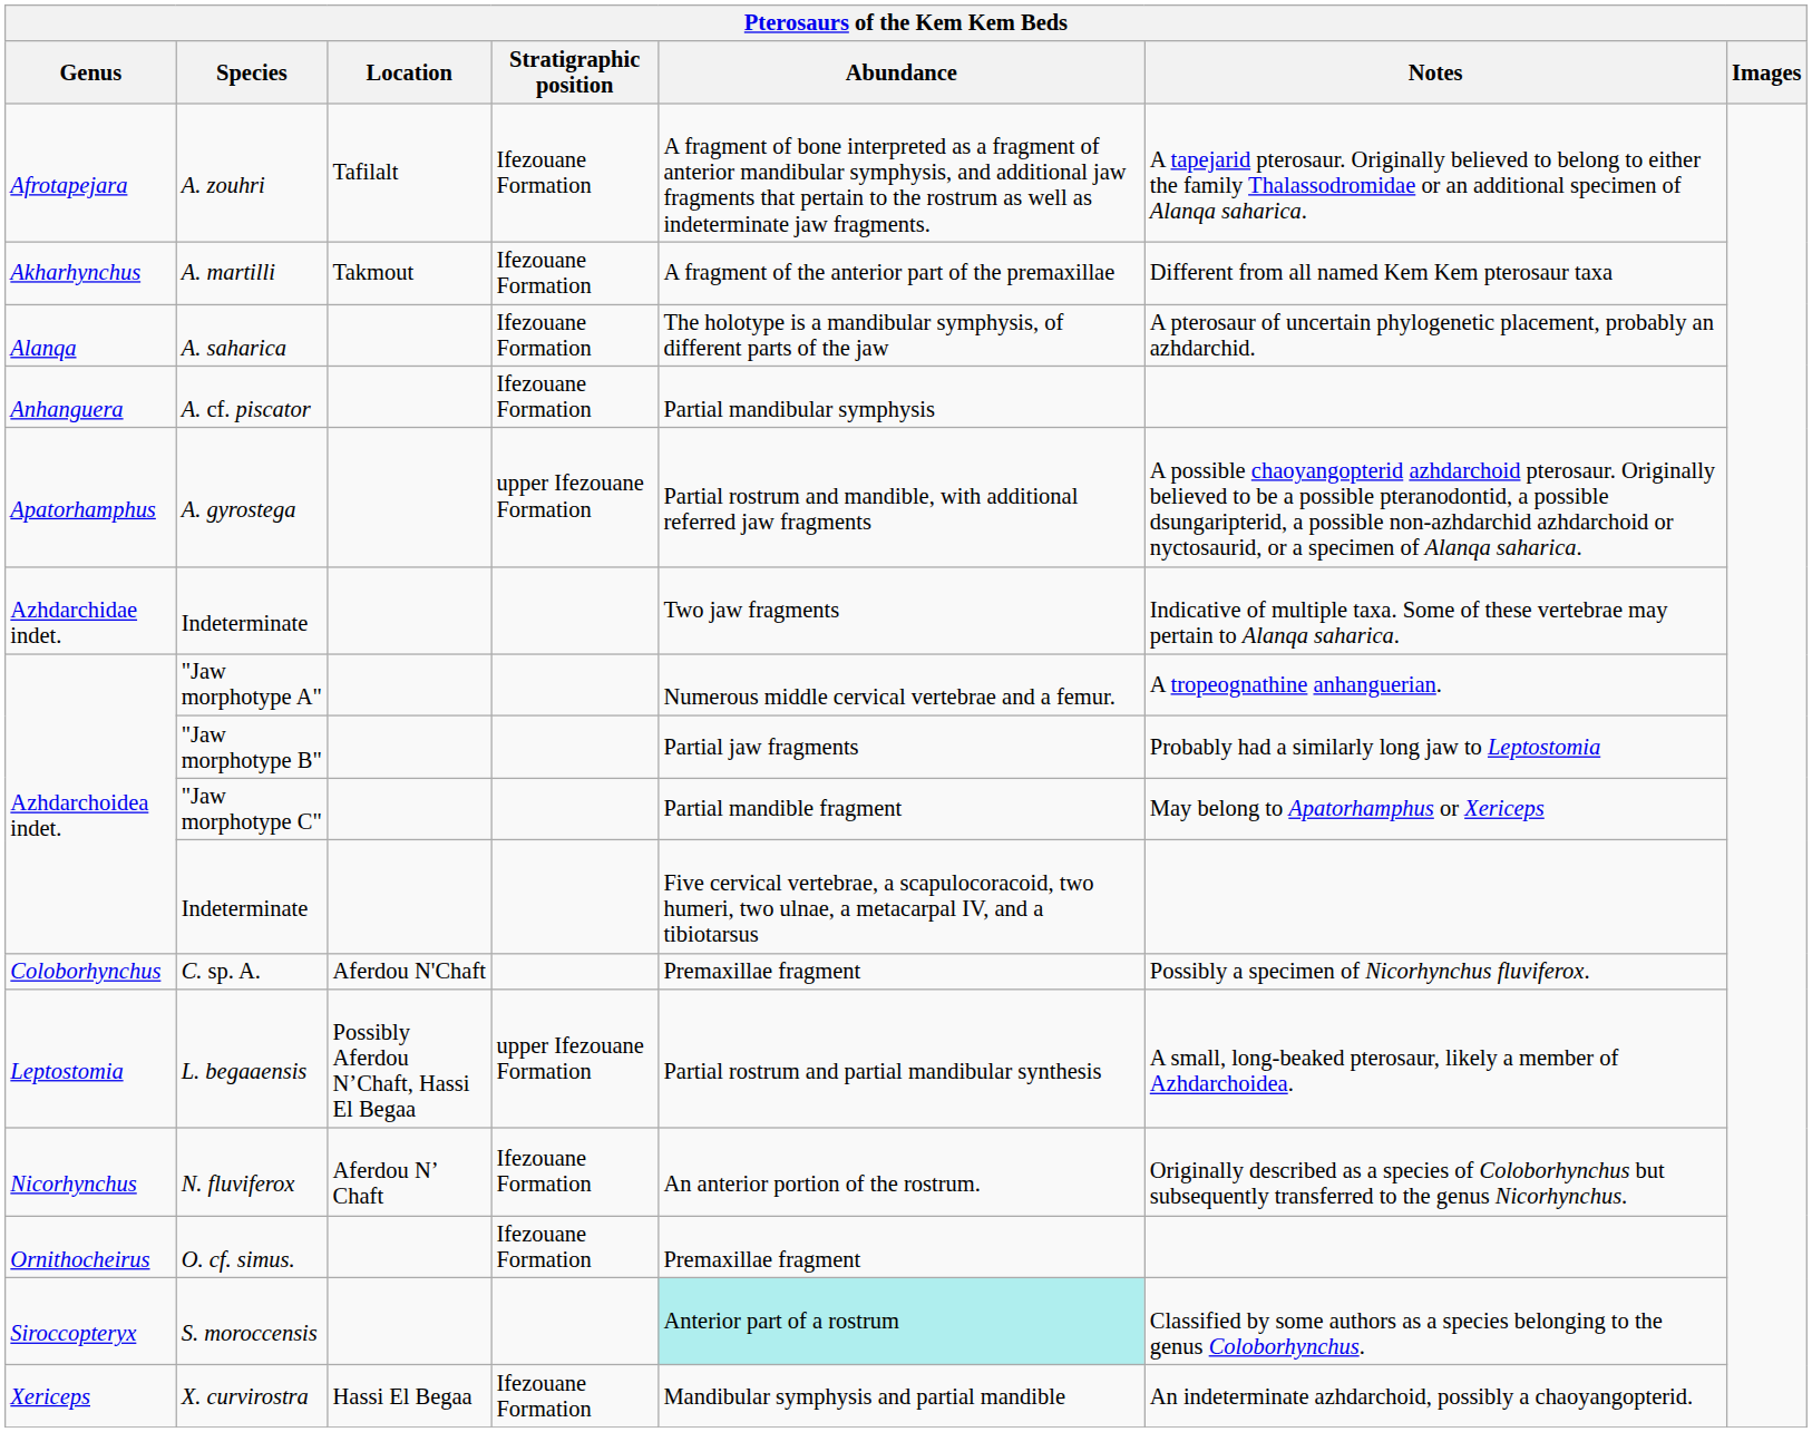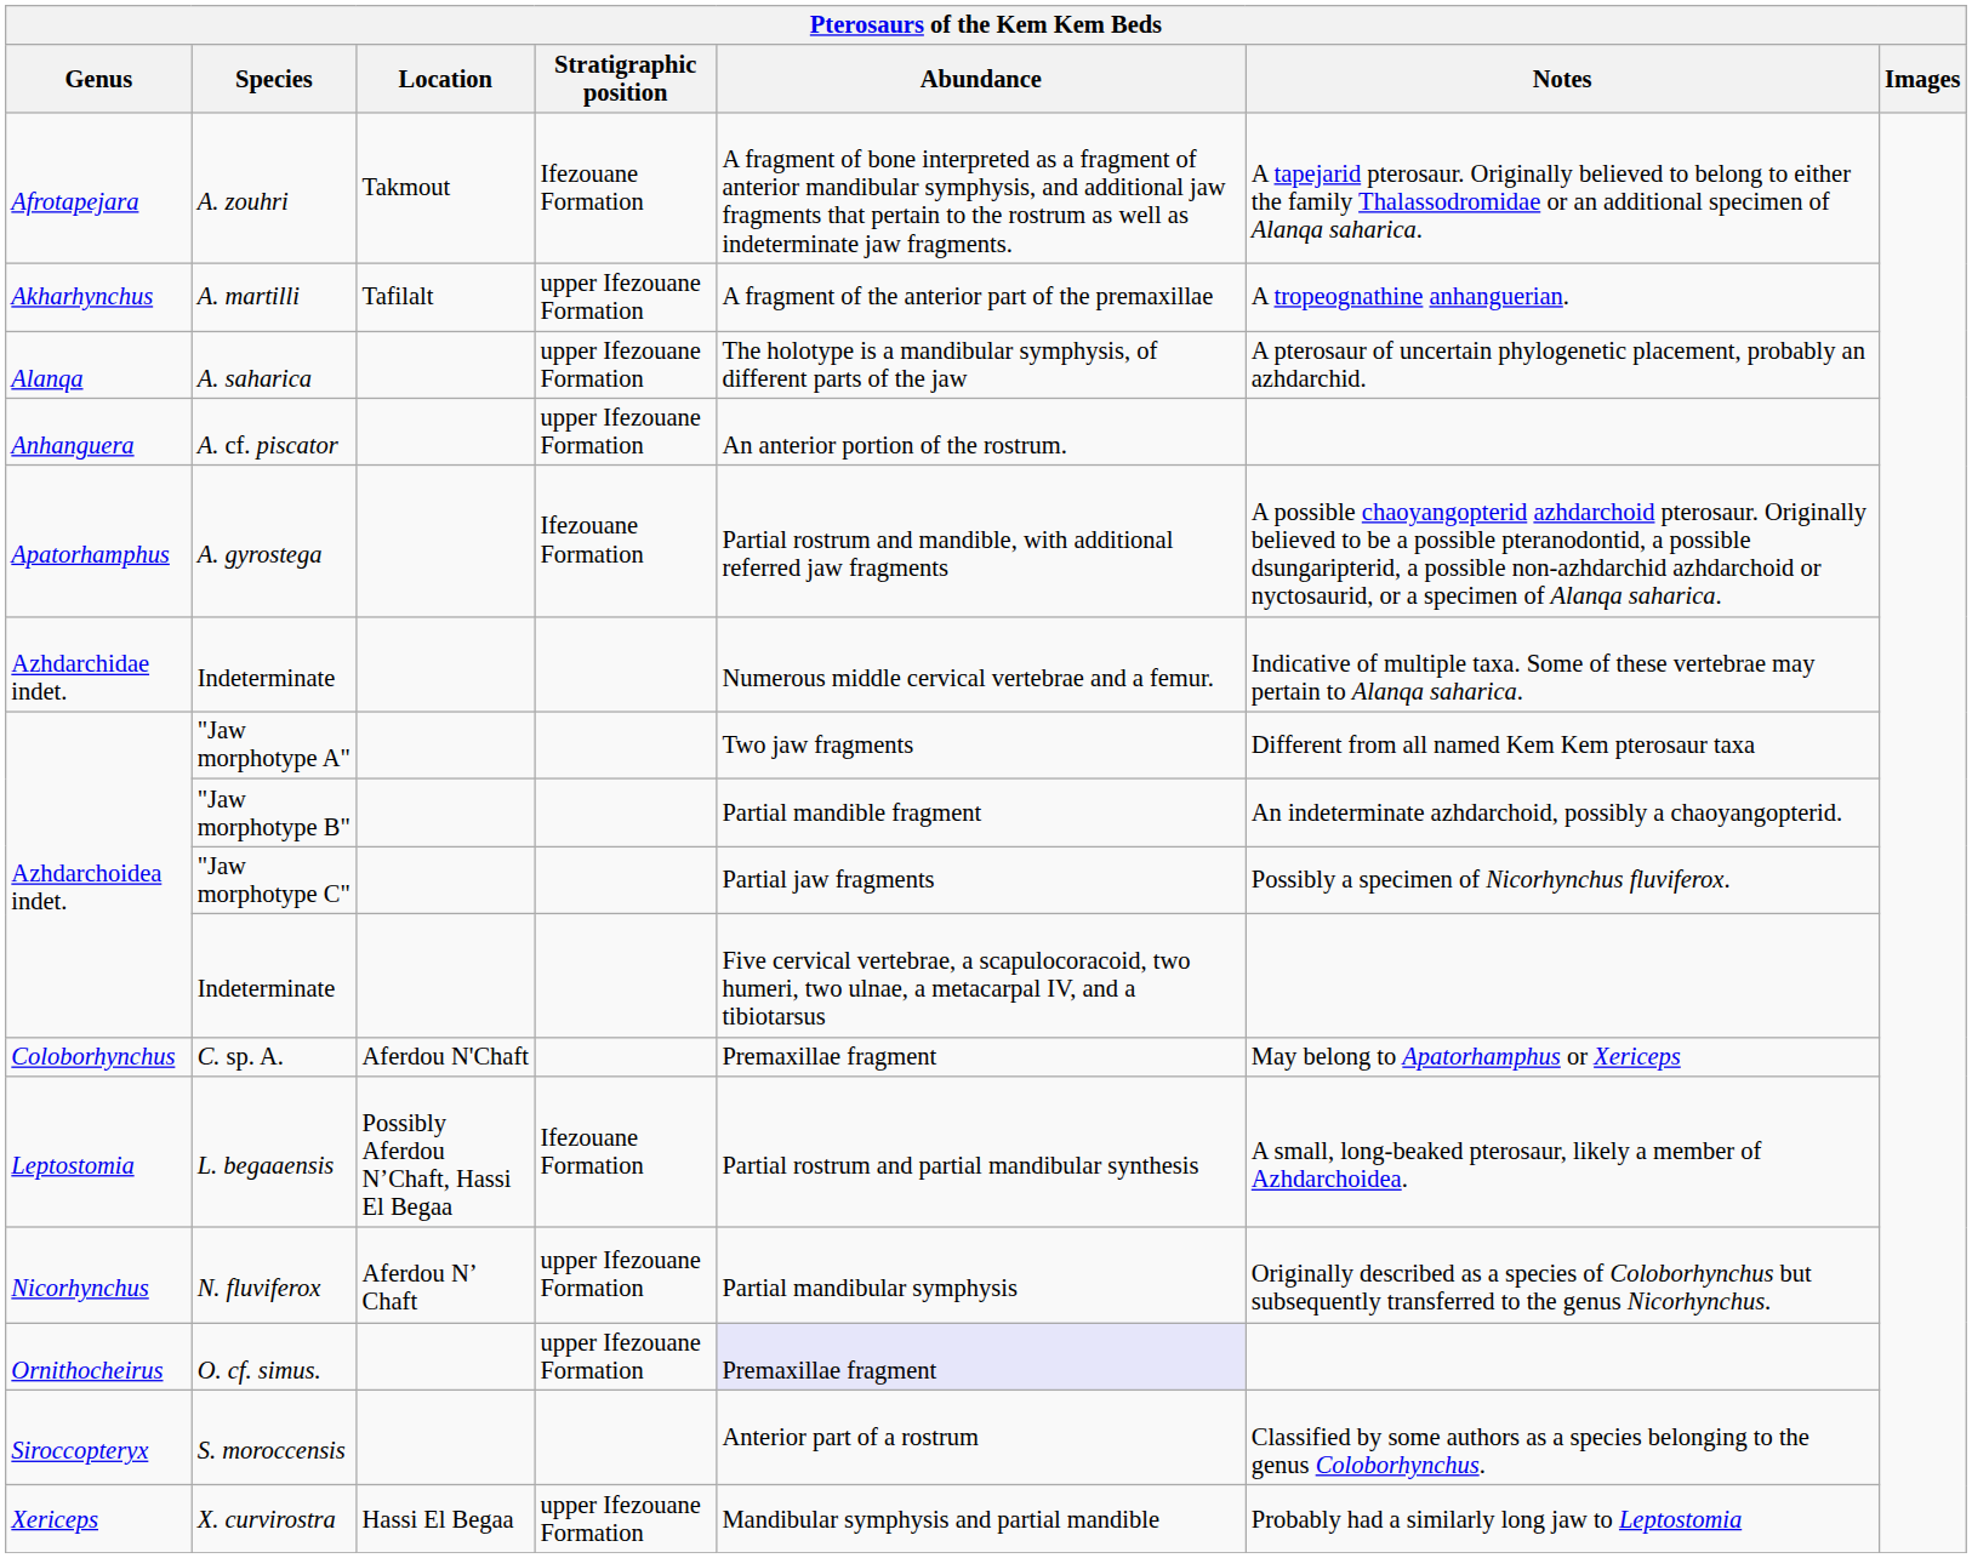 <table class="wikitable" align="center" width="100%">
 <tr>
 <th colspan="7" align="center"><a href='#'>Pterosaurs</a> of the Kem Kem Beds</th>
 </tr>
 <tr>
 <th>Genus</th>
 <th>Species</th>
 <th>Location</th>
 <th>Stratigraphic position</th>
 <th>Abundance</th>
 <th>Notes</th>
 <th>Images</th>
 </tr>
 <tr>
 <td><br><em><a href='#'>Afrotapejara</a></em></td>
 <td><br><em>A. zouhri</em></td>
-<td>Tafilalt</td>
+<td>Takmout</td>
 <td>Ifezouane Formation</td>
 <td><br>A fragment of bone interpreted as a fragment of anterior mandibular symphysis, and additional jaw fragments that pertain to the rostrum as well as indeterminate jaw fragments.</td>
 <td><br>A <a href='#'>tapejarid</a> pterosaur. Originally believed to belong to either the family <a href='#'>Thalassodromidae</a> or an additional specimen of <em>Alanqa saharica</em>.</td>
 <td rowspan="99"><br>     </td>
 </tr>
 <tr>
 <td><em><a href='#'>Akharhynchus</a></em></td>
 <td><em>A. martilli</em></td>
-<td>Takmout</td>
-<td>Ifezouane Formation</td>
+<td>Tafilalt</td>
+<td>upper Ifezouane Formation</td>
 <td>A fragment of the anterior part of the premaxillae</td>
-<td>Different from all named Kem Kem pterosaur taxa</td>
+<td>A <a href='#'>tropeognathine</a> <a href='#'>anhanguerian</a>.</td>
 </tr>
 <tr>
 <td><br><em><a href='#'>Alanqa</a></em></td>
 <td><br><em>A. saharica</em></td>
 <td></td>
-<td>Ifezouane Formation</td>
+<td>upper Ifezouane Formation</td>
 <td>The holotype is a mandibular symphysis, of different parts of the jaw</td>
 <td>A pterosaur of uncertain phylogenetic placement, probably an azhdarchid.</td>
 </tr>
 <tr>
 <td><br><em><a href='#'>Anhanguera</a></em></td>
 <td><br><em>A.</em> cf. <em>piscator</em></td>
 <td></td>
-<td>Ifezouane Formation</td>
-<td><br>Partial mandibular symphysis</td>
+<td>upper Ifezouane Formation</td>
+<td><br>An anterior portion of the rostrum.</td>
 <td></td>
 </tr>
 <tr>
 <td><br><em><a href='#'>Apatorhamphus</a></em></td>
 <td><br><em>A. gyrostega</em></td>
 <td></td>
-<td>upper Ifezouane Formation</td>
+<td>Ifezouane Formation</td>
 <td><br>Partial rostrum and mandible, with additional referred jaw fragments</td>
 <td><br>A possible <a href='#'>chaoyangopterid</a> <a href='#'>azhdarchoid</a> pterosaur. Originally believed to be a possible pteranodontid, a possible dsungaripterid, a possible non-azhdarchid azhdarchoid or nyctosaurid, or a specimen of <em>Alanqa saharica</em>.</td>
 </tr>
 <tr>
 <td><br><a href='#'>Azhdarchidae</a> indet.</td>
 <td><br>Indeterminate</td>
 <td></td>
 <td></td>
-<td>Two jaw fragments</td>
+<td><br>Numerous middle cervical vertebrae and a femur.</td>
 <td><br>Indicative of multiple taxa. Some of these vertebrae may pertain to <em>Alanqa saharica</em>.</td>
 </tr>
 <tr>
 <td rowspan=4><br><a href='#'>Azhdarchoidea</a> indet.</td>
 <td>"Jaw morphotype A"</td>
 <td></td>
 <td></td>
-<td><br>Numerous middle cervical vertebrae and a femur.</td>
-<td>A <a href='#'>tropeognathine</a> <a href='#'>anhanguerian</a>.</td>
+<td>Two jaw fragments</td>
+<td>Different from all named Kem Kem pterosaur taxa</td>
 </tr>
 <tr>
 <td>"Jaw morphotype B"</td>
 <td></td>
 <td></td>
-<td>Partial jaw fragments</td>
-<td>Probably had a similarly long jaw to <em><a href='#'>Leptostomia</a></em></td>
+<td>Partial mandible fragment</td>
+<td>An indeterminate azhdarchoid, possibly a chaoyangopterid.</td>
 </tr>
 <tr>
 <td>"Jaw morphotype C"</td>
 <td></td>
 <td></td>
-<td>Partial mandible fragment</td>
-<td>May belong to <em><a href='#'>Apatorhamphus</a></em> or <em><a href='#'>Xericeps</a></em></td>
+<td>Partial jaw fragments</td>
+<td>Possibly a specimen of <em>Nicorhynchus fluviferox</em>.</td>
 </tr>
 <tr>
 <td><br>Indeterminate</td>
 <td></td>
 <td></td>
 <td><br>Five cervical vertebrae, a scapulocoracoid, two humeri, two ulnae, a metacarpal IV, and a tibiotarsus</td>
 </tr>
 <tr>
 <td><em><a href='#'>Coloborhynchus</a></em></td>
 <td><em>C.</em> sp. A.</td>
 <td>Aferdou N'Chaft</td>
 <td></td>
 <td>Premaxillae fragment</td>
-<td>Possibly a specimen of <em>Nicorhynchus fluviferox</em>.</td>
+<td>May belong to <em><a href='#'>Apatorhamphus</a></em> or <em><a href='#'>Xericeps</a></em></td>
 </tr>
 <tr>
 <td><br><em><a href='#'>Leptostomia</a></em></td>
 <td><br><em>L. begaaensis</em></td>
 <td><br>Possibly Aferdou N’Chaft, Hassi El Begaa</td>
-<td>upper Ifezouane Formation</td>
+<td>Ifezouane Formation</td>
 <td><br>Partial rostrum and partial mandibular synthesis</td>
 <td><br>A small, long-beaked pterosaur, likely a member of <a href='#'>Azhdarchoidea</a>.</td>
 </tr>
 <tr>
 <td><br><em><a href='#'>Nicorhynchus</a></em></td>
 <td><br><em>N. fluviferox</em></td>
 <td><br>Aferdou N’ Chaft</td>
-<td>Ifezouane Formation</td>
-<td><br>An anterior portion of the rostrum.</td>
+<td>upper Ifezouane Formation</td>
+<td><br>Partial mandibular symphysis</td>
 <td><br>Originally described as a species of <em>Coloborhynchus</em> but subsequently transferred to the genus <em>Nicorhynchus</em>.</td>
 </tr>
 <tr>
 <td><br><em><a href='#'>Ornithocheirus</a></em></td>
 <td><br><em>O. cf. simus.</em></td>
 <td></td>
-<td>Ifezouane Formation</td>
-<td><br>Premaxillae fragment</td>
+<td>upper Ifezouane Formation</td>
+<td style="background: lavender;"><br>Premaxillae fragment</td>
 <td></td>
 </tr>
 <tr>
 <td><br><em><a href='#'>Siroccopteryx</a></em></td>
 <td><br><em>S. moroccensis</em></td>
 <td></td>
 <td></td>
-<td style="background: paleturquoise;">Anterior part of a rostrum</td>
+<td>Anterior part of a rostrum</td>
 <td><br>Classified by some authors as a species belonging to the genus <em><a href='#'>Coloborhynchus</a></em>.</td>
 </tr>
 <tr>
 <td><em><a href='#'>Xericeps</a></em></td>
 <td><em>X. curvirostra</em></td>
 <td>Hassi El Begaa</td>
-<td>Ifezouane Formation</td>
+<td>upper Ifezouane Formation</td>
 <td>Mandibular symphysis and partial mandible</td>
-<td>An indeterminate azhdarchoid, possibly a chaoyangopterid.</td>
+<td>Probably had a similarly long jaw to <em><a href='#'>Leptostomia</a></em></td>
 </tr>
 </table>
